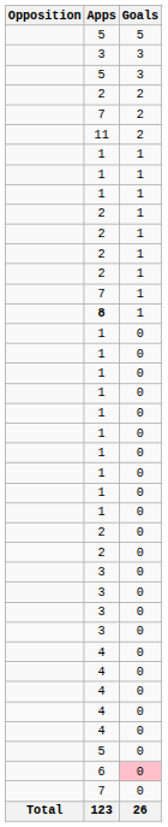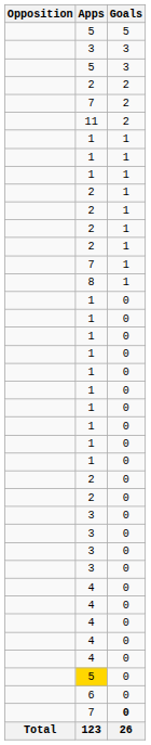 <table class="wikitable plainrowheaders sortable" style="text-align:center;">
 <tr>
 <th scope="col">Opposition</th>
 <th scope="col">Apps</th>
 <th scope="col">Goals</th>
 </tr>
 <tr>
 <td style="text-align:left"></td>
 <td>5</td>
 <td>5</td>
 </tr>
 <tr>
 <td style="text-align:left"></td>
 <td>3</td>
 <td>3</td>
 </tr>
 <tr>
 <td style="text-align:left"></td>
 <td>5</td>
 <td>3</td>
 </tr>
 <tr>
 <td style="text-align:left"></td>
 <td>2</td>
 <td>2</td>
 </tr>
 <tr>
 <td style="text-align:left"></td>
 <td>7</td>
 <td>2</td>
 </tr>
 <tr>
 <td style="text-align:left"></td>
 <td>11</td>
 <td>2</td>
 </tr>
 <tr>
 <td style="text-align:left"></td>
 <td>1</td>
 <td>1</td>
 </tr>
 <tr>
 <td style="text-align:left"></td>
 <td>1</td>
 <td>1</td>
 </tr>
 <tr>
 <td style="text-align:left"></td>
 <td>1</td>
 <td>1</td>
 </tr>
 <tr>
 <td style="text-align:left"></td>
 <td>2</td>
 <td>1</td>
 </tr>
 <tr>
 <td style="text-align:left"></td>
 <td>2</td>
 <td>1</td>
 </tr>
 <tr>
 <td style="text-align:left"></td>
 <td>2</td>
 <td>1</td>
 </tr>
 <tr>
 <td style="text-align:left"></td>
 <td>2</td>
 <td>1</td>
 </tr>
 <tr>
 <td style="text-align:left"></td>
 <td>7</td>
 <td>1</td>
 </tr>
 <tr>
 <td style="text-align:left"></td>
-<td><strong>8</strong></td>
+<td>8</td>
 <td>1</td>
 </tr>
 <tr>
 <td style="text-align:left"></td>
 <td>1</td>
 <td>0</td>
 </tr>
 <tr>
 <td style="text-align:left"></td>
 <td>1</td>
 <td>0</td>
 </tr>
 <tr>
 <td style="text-align:left"></td>
 <td>1</td>
 <td>0</td>
 </tr>
 <tr>
 <td style="text-align:left"></td>
 <td>1</td>
 <td>0</td>
 </tr>
 <tr>
 <td style="text-align:left"></td>
 <td>1</td>
 <td>0</td>
 </tr>
 <tr>
 <td style="text-align:left"></td>
 <td>1</td>
 <td>0</td>
 </tr>
 <tr>
 <td style="text-align:left"></td>
 <td>1</td>
 <td>0</td>
 </tr>
 <tr>
 <td style="text-align:left"></td>
 <td>1</td>
 <td>0</td>
 </tr>
 <tr>
 <td style="text-align:left"></td>
 <td>1</td>
 <td>0</td>
 </tr>
 <tr>
 <td style="text-align:left"></td>
 <td>1</td>
 <td>0</td>
 </tr>
 <tr>
 <td style="text-align:left"></td>
 <td>2</td>
 <td>0</td>
 </tr>
 <tr>
 <td style="text-align:left"></td>
 <td>2</td>
 <td>0</td>
 </tr>
 <tr>
 <td style="text-align:left"></td>
 <td>3</td>
 <td>0</td>
 </tr>
 <tr>
 <td style="text-align:left"></td>
 <td>3</td>
 <td>0</td>
 </tr>
 <tr>
 <td style="text-align:left"></td>
 <td>3</td>
 <td>0</td>
 </tr>
 <tr>
 <td style="text-align:left"></td>
 <td>3</td>
 <td>0</td>
 </tr>
 <tr>
 <td style="text-align:left"></td>
 <td>4</td>
 <td>0</td>
 </tr>
 <tr>
 <td style="text-align:left"></td>
 <td>4</td>
 <td>0</td>
 </tr>
 <tr>
 <td style="text-align:left"></td>
 <td>4</td>
 <td>0</td>
 </tr>
 <tr>
 <td style="text-align:left"></td>
 <td>4</td>
 <td>0</td>
 </tr>
 <tr>
 <td style="text-align:left"></td>
 <td>4</td>
 <td>0</td>
 </tr>
 <tr>
 <td style="text-align:left"></td>
-<td>5</td>
+<td style="background: gold;">5</td>
 <td>0</td>
 </tr>
 <tr>
 <td style="text-align:left"></td>
 <td>6</td>
-<td style="background: pink;">0</td>
+<td>0</td>
 </tr>
 <tr>
 <td style="text-align:left"></td>
 <td>7</td>
-<td>0</td>
+<td><strong>0</strong></td>
 </tr>
 <tr>
 <th>Total</th>
 <th>123</th>
 <th>26</th>
 </tr>
 </table>
